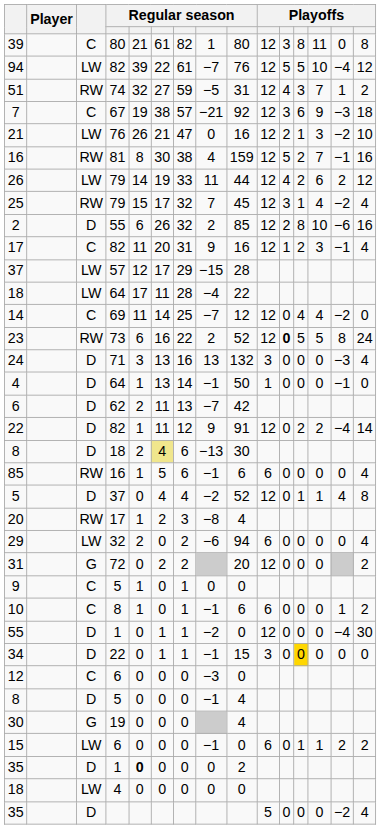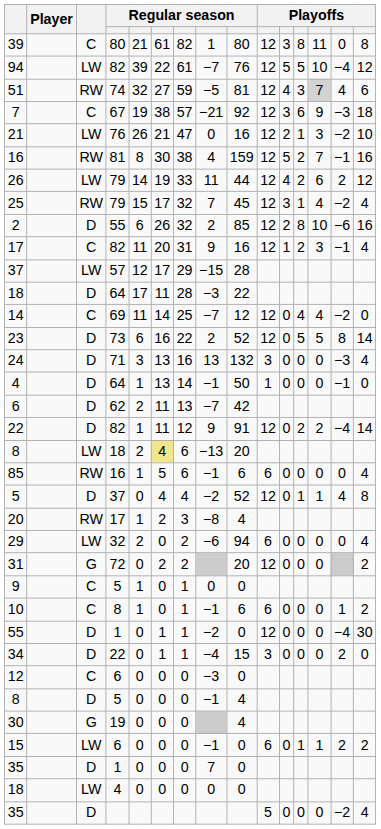 <table class="wikitable sortable plainrowheaders" style="text-align:center;">
 <tr>
 <th scope="col" data-sort-type="number" rowspan="2"></th>
 <th scope="col" rowspan="2">Player</th>
 <th scope="col" rowspan="2"></th>
 <th scope=colgroup colspan=6>Regular season</th>
 <th scope=colgroup colspan=6>Playoffs</th>
 </tr>
 <tr>
 <th scope="col" data-sort-type="number"></th>
 <th scope="col" data-sort-type="number"></th>
 <th scope="col" data-sort-type="number"></th>
 <th scope="col" data-sort-type="number"></th>
 <th scope="col" data-sort-type="number"></th>
 <th scope="col" data-sort-type="number"></th>
 <th scope="col" data-sort-type="number"></th>
 <th scope="col" data-sort-type="number"></th>
 <th scope="col" data-sort-type="number"></th>
 <th scope="col" data-sort-type="number"></th>
 <th scope="col" data-sort-type="number"></th>
 <th scope="col" data-sort-type="number"></th>
 </tr>
 <tr>
 <td scope="row">39</td>
 <td align="left"></td>
 <td>C</td>
 <td>80</td>
 <td>21</td>
 <td>61</td>
 <td>82</td>
 <td>1</td>
 <td>80</td>
 <td>12</td>
 <td>3</td>
 <td>8</td>
 <td>11</td>
 <td>0</td>
 <td>8</td>
 </tr>
 <tr>
 <td scope="row">94</td>
 <td align="left"></td>
 <td>LW</td>
 <td>82</td>
 <td>39</td>
 <td>22</td>
 <td>61</td>
 <td>−7</td>
 <td>76</td>
 <td>12</td>
 <td>5</td>
 <td>5</td>
 <td>10</td>
 <td>−4</td>
 <td>12</td>
 </tr>
 <tr>
 <td scope="row">51</td>
 <td align="left"></td>
 <td>RW</td>
 <td>74</td>
 <td>32</td>
 <td>27</td>
 <td>59</td>
 <td>−5</td>
-<td>31</td>
+<td>81</td>
 <td>12</td>
 <td>4</td>
 <td>3</td>
-<td>7</td>
-<td>1</td>
-<td>2</td>
+<td style="background: lightgrey;">7</td>
+<td>4</td>
+<td>6</td>
 </tr>
 <tr>
 <td scope="row">7</td>
 <td align="left"></td>
 <td>C</td>
 <td>67</td>
 <td>19</td>
 <td>38</td>
 <td>57</td>
 <td>−21</td>
 <td>92</td>
 <td>12</td>
 <td>3</td>
 <td>6</td>
 <td>9</td>
 <td>−3</td>
 <td>18</td>
 </tr>
 <tr>
 <td scope="row">21</td>
 <td align="left"></td>
 <td>LW</td>
 <td>76</td>
 <td>26</td>
 <td>21</td>
 <td>47</td>
 <td>0</td>
 <td>16</td>
 <td>12</td>
 <td>2</td>
 <td>1</td>
 <td>3</td>
 <td>−2</td>
 <td>10</td>
 </tr>
 <tr>
 <td scope="row">16</td>
 <td align="left"></td>
 <td>RW</td>
 <td>81</td>
 <td>8</td>
 <td>30</td>
 <td>38</td>
 <td>4</td>
 <td>159</td>
 <td>12</td>
 <td>5</td>
 <td>2</td>
 <td>7</td>
 <td>−1</td>
 <td>16</td>
 </tr>
 <tr>
 <td scope="row">26</td>
 <td align="left"></td>
 <td>LW</td>
 <td>79</td>
 <td>14</td>
 <td>19</td>
 <td>33</td>
 <td>11</td>
 <td>44</td>
 <td>12</td>
 <td>4</td>
 <td>2</td>
 <td>6</td>
 <td>2</td>
 <td>12</td>
 </tr>
 <tr>
 <td scope="row">25</td>
 <td align="left"></td>
 <td>RW</td>
 <td>79</td>
 <td>15</td>
 <td>17</td>
 <td>32</td>
 <td>7</td>
 <td>45</td>
 <td>12</td>
 <td>3</td>
 <td>1</td>
 <td>4</td>
 <td>−2</td>
 <td>4</td>
 </tr>
 <tr>
 <td scope="row">2</td>
 <td align="left"></td>
 <td>D</td>
 <td>55</td>
 <td>6</td>
 <td>26</td>
 <td>32</td>
 <td>2</td>
 <td>85</td>
 <td>12</td>
 <td>2</td>
 <td>8</td>
 <td>10</td>
 <td>−6</td>
 <td>16</td>
 </tr>
 <tr>
 <td scope="row">17</td>
 <td align="left"></td>
 <td>C</td>
 <td>82</td>
 <td>11</td>
 <td>20</td>
 <td>31</td>
 <td>9</td>
 <td>16</td>
 <td>12</td>
 <td>1</td>
 <td>2</td>
 <td>3</td>
 <td>−1</td>
 <td>4</td>
 </tr>
 <tr>
 <td scope="row">37</td>
 <td align="left"></td>
 <td>LW</td>
 <td>57</td>
 <td>12</td>
 <td>17</td>
 <td>29</td>
 <td>−15</td>
 <td>28</td>
 <td></td>
 <td></td>
 <td></td>
 <td></td>
 <td></td>
 <td></td>
 </tr>
 <tr>
 <td scope="row">18</td>
 <td align="left"></td>
-<td>LW</td>
+<td>D</td>
 <td>64</td>
 <td>17</td>
 <td>11</td>
 <td>28</td>
-<td>−4</td>
+<td>−3</td>
 <td>22</td>
 <td></td>
 <td></td>
 <td></td>
 <td></td>
 <td></td>
 <td></td>
 </tr>
 <tr>
 <td scope="row">14</td>
 <td align="left"></td>
 <td>C</td>
 <td>69</td>
 <td>11</td>
 <td>14</td>
 <td>25</td>
 <td>−7</td>
 <td>12</td>
 <td>12</td>
 <td>0</td>
 <td>4</td>
 <td>4</td>
 <td>−2</td>
 <td>0</td>
 </tr>
 <tr>
 <td scope="row">23</td>
 <td align="left"></td>
-<td>RW</td>
+<td>D</td>
 <td>73</td>
 <td>6</td>
 <td>16</td>
 <td>22</td>
 <td>2</td>
 <td>52</td>
 <td>12</td>
-<td><strong>0</strong></td>
+<td>0</td>
 <td>5</td>
 <td>5</td>
 <td>8</td>
-<td>24</td>
+<td>14</td>
 </tr>
 <tr>
 <td scope="row">24</td>
 <td align="left"></td>
 <td>D</td>
 <td>71</td>
 <td>3</td>
 <td>13</td>
 <td>16</td>
 <td>13</td>
 <td>132</td>
 <td>3</td>
 <td>0</td>
 <td>0</td>
 <td>0</td>
 <td>−3</td>
 <td>4</td>
 </tr>
 <tr>
 <td scope="row">4</td>
 <td align="left"></td>
 <td>D</td>
 <td>64</td>
 <td>1</td>
 <td>13</td>
 <td>14</td>
 <td>−1</td>
 <td>50</td>
 <td>1</td>
 <td>0</td>
 <td>0</td>
 <td>0</td>
 <td>−1</td>
 <td>0</td>
 </tr>
 <tr>
 <td scope="row">6</td>
 <td align="left"></td>
 <td>D</td>
 <td>62</td>
 <td>2</td>
 <td>11</td>
 <td>13</td>
 <td>−7</td>
 <td>42</td>
 <td></td>
 <td></td>
 <td></td>
 <td></td>
 <td></td>
 <td></td>
 </tr>
 <tr>
 <td scope="row">22</td>
 <td align="left"></td>
 <td>D</td>
 <td>82</td>
 <td>1</td>
 <td>11</td>
 <td>12</td>
 <td>9</td>
 <td>91</td>
 <td>12</td>
 <td>0</td>
 <td>2</td>
 <td>2</td>
 <td>−4</td>
 <td>14</td>
 </tr>
 <tr>
 <td scope="row">8</td>
 <td align="left"></td>
-<td>D</td>
+<td>LW</td>
 <td>18</td>
 <td>2</td>
 <td style="background: khaki;">4</td>
 <td>6</td>
 <td>−13</td>
-<td>30</td>
+<td>20</td>
 <td></td>
 <td></td>
 <td></td>
 <td></td>
 <td></td>
 <td></td>
 </tr>
 <tr>
 <td scope="row">85</td>
 <td align="left"></td>
 <td>RW</td>
 <td>16</td>
 <td>1</td>
 <td>5</td>
 <td>6</td>
 <td>−1</td>
 <td>6</td>
 <td>6</td>
 <td>0</td>
 <td>0</td>
 <td>0</td>
 <td>0</td>
 <td>4</td>
 </tr>
 <tr>
 <td scope="row">5</td>
 <td align="left"></td>
 <td>D</td>
 <td>37</td>
 <td>0</td>
 <td>4</td>
 <td>4</td>
 <td>−2</td>
 <td>52</td>
 <td>12</td>
 <td>0</td>
 <td>1</td>
 <td>1</td>
 <td>4</td>
 <td>8</td>
 </tr>
 <tr>
 <td scope="row">20</td>
 <td align="left"></td>
 <td>RW</td>
 <td>17</td>
 <td>1</td>
 <td>2</td>
 <td>3</td>
 <td>−8</td>
 <td>4</td>
 <td></td>
 <td></td>
 <td></td>
 <td></td>
 <td></td>
 <td></td>
 </tr>
 <tr>
 <td scope="row">29</td>
 <td align="left"></td>
 <td>LW</td>
 <td>32</td>
 <td>2</td>
 <td>0</td>
 <td>2</td>
 <td>−6</td>
 <td>94</td>
 <td>6</td>
 <td>0</td>
 <td>0</td>
 <td>0</td>
 <td>0</td>
 <td>4</td>
 </tr>
 <tr>
 <td scope="row">31</td>
 <td align="left"></td>
 <td>G</td>
 <td>72</td>
 <td>0</td>
 <td>2</td>
 <td>2</td>
 <td style="background:#ccc"></td>
 <td>20</td>
 <td>12</td>
 <td>0</td>
 <td>0</td>
 <td>0</td>
 <td style="background:#ccc"></td>
 <td>2</td>
 </tr>
 <tr>
 <td scope="row">9</td>
 <td align="left"></td>
 <td>C</td>
 <td>5</td>
 <td>1</td>
 <td>0</td>
 <td>1</td>
 <td>0</td>
 <td>0</td>
 <td></td>
 <td></td>
 <td></td>
 <td></td>
 <td></td>
 <td></td>
 </tr>
 <tr>
 <td scope="row">10</td>
 <td align="left"></td>
 <td>C</td>
 <td>8</td>
 <td>1</td>
 <td>0</td>
 <td>1</td>
 <td>−1</td>
 <td>6</td>
 <td>6</td>
 <td>0</td>
 <td>0</td>
 <td>0</td>
 <td>1</td>
 <td>2</td>
 </tr>
 <tr>
 <td scope="row">55</td>
 <td align="left"></td>
 <td>D</td>
 <td>1</td>
 <td>0</td>
 <td>1</td>
 <td>1</td>
 <td>−2</td>
 <td>0</td>
 <td>12</td>
 <td>0</td>
 <td>0</td>
 <td>0</td>
 <td>−4</td>
 <td>30</td>
 </tr>
 <tr>
 <td scope="row">34</td>
 <td align="left"></td>
 <td>D</td>
 <td>22</td>
 <td>0</td>
 <td>1</td>
 <td>1</td>
-<td>−1</td>
+<td>−4</td>
 <td>15</td>
 <td>3</td>
 <td>0</td>
-<td style="background: gold;">0</td>
 <td>0</td>
 <td>0</td>
+<td>2</td>
 <td>0</td>
 </tr>
 <tr>
 <td scope="row">12</td>
 <td align="left"></td>
 <td>C</td>
 <td>6</td>
 <td>0</td>
 <td>0</td>
 <td>0</td>
 <td>−3</td>
 <td>0</td>
 <td></td>
 <td></td>
 <td></td>
 <td></td>
 <td></td>
 <td></td>
 </tr>
 <tr>
 <td scope="row">8</td>
 <td align="left"></td>
 <td>D</td>
 <td>5</td>
 <td>0</td>
 <td>0</td>
 <td>0</td>
 <td>−1</td>
 <td>4</td>
 <td></td>
 <td></td>
 <td></td>
 <td></td>
 <td></td>
 <td></td>
 </tr>
 <tr>
 <td scope="row">30</td>
 <td align="left"></td>
 <td>G</td>
 <td>19</td>
 <td>0</td>
 <td>0</td>
 <td>0</td>
 <td style="background:#ccc"></td>
 <td>4</td>
 <td></td>
 <td></td>
 <td></td>
 <td></td>
 <td></td>
 <td></td>
 </tr>
 <tr>
 <td scope="row">15</td>
 <td align="left"></td>
 <td>LW</td>
 <td>6</td>
 <td>0</td>
 <td>0</td>
 <td>0</td>
 <td>−1</td>
 <td>0</td>
 <td>6</td>
 <td>0</td>
 <td>1</td>
 <td>1</td>
 <td>2</td>
 <td>2</td>
 </tr>
 <tr>
 <td scope="row">35</td>
 <td align="left"></td>
 <td>D</td>
 <td>1</td>
-<td><strong>0</strong></td>
 <td>0</td>
 <td>0</td>
 <td>0</td>
-<td>2</td>
+<td>7</td>
+<td>0</td>
 <td></td>
 <td></td>
 <td></td>
 <td></td>
 <td></td>
 <td></td>
 </tr>
 <tr>
 <td scope="row">18</td>
 <td align="left"></td>
 <td>LW</td>
 <td>4</td>
 <td>0</td>
 <td>0</td>
 <td>0</td>
 <td>0</td>
 <td>0</td>
 <td></td>
 <td></td>
 <td></td>
 <td></td>
 <td></td>
 <td></td>
 </tr>
 <tr>
 <td scope="row">35</td>
 <td align="left"></td>
 <td>D</td>
 <td></td>
 <td></td>
 <td></td>
 <td></td>
 <td></td>
 <td></td>
 <td>5</td>
 <td>0</td>
 <td>0</td>
 <td>0</td>
 <td>−2</td>
 <td>4</td>
 </tr>
 </table>
